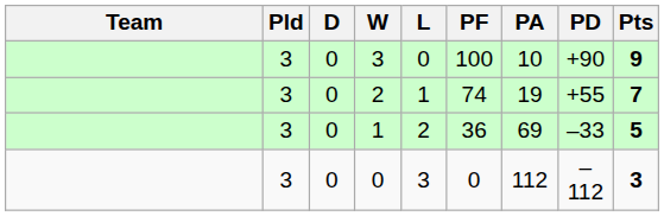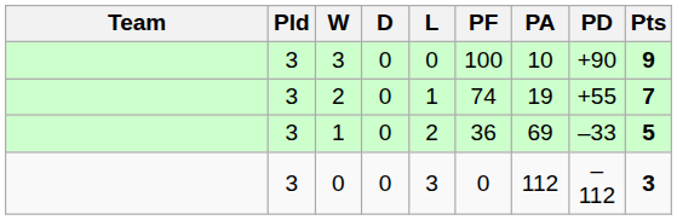 <table class="wikitable" style="text-align:center;">
 <tr>
 <th width=175>Team</th>
 <th width=25 abbr="Played">Pld</th>
+<th width=25 abbr="Won">W</th>
 <th width=25 abbr="Drawn">D</th>
-<th width=25 abbr="Won">W</th>
 <th width=25 abbr="Lost">L</th>
 <th width=32 abbr="Points for">PF</th>
 <th width=32 abbr="Points against">PA</th>
 <th width=32 abbr="Points difference">PD</th>
 <th width=25 abbr="Points">Pts</th>
 </tr>
 <tr bgcolor=ccffcc>
 <td align=left></td>
 <td>3</td>
+<td>3</td>
 <td>0</td>
-<td>3</td>
 <td>0</td>
 <td>100</td>
 <td>10</td>
 <td>+90</td>
 <td><strong>9</strong></td>
 </tr>
 <tr bgcolor=ccffcc>
 <td align=left></td>
 <td>3</td>
+<td>2</td>
 <td>0</td>
-<td>2</td>
 <td>1</td>
 <td>74</td>
 <td>19</td>
 <td>+55</td>
 <td><strong>7</strong></td>
 </tr>
 <tr bgcolor=ccffcc>
 <td align=left></td>
 <td>3</td>
+<td>1</td>
 <td>0</td>
-<td>1</td>
 <td>2</td>
 <td>36</td>
 <td>69</td>
 <td>–33</td>
 <td><strong>5</strong></td>
 </tr>
 <tr>
 <td align=left></td>
 <td>3</td>
 <td>0</td>
 <td>0</td>
 <td>3</td>
 <td>0</td>
 <td>112</td>
 <td>–112</td>
 <td><strong>3</strong></td>
 </tr>
 </table>
